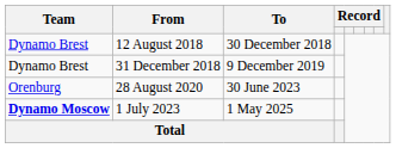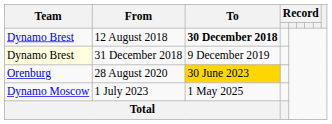 <table class="wikitable" style="text-align: center;">
 <tr>
 <th rowspan="2">Team</th>
 <th rowspan="2">From</th>
 <th rowspan="2">To</th>
 <th colspan="5">Record</th>
 <th rowspan="2"></th>
 </tr>
 <tr>
 <th></th>
 <th></th>
 <th></th>
 <th></th>
 <th></th>
 </tr>
 <tr>
 <td align="left"><a href='#'>Dynamo Brest</a></td>
 <td align="left">12 August 2018</td>
-<td align="left">30 December 2018<br></td>
+<td align="left"><strong>30 December 2018<br></strong></td>
 <td></td>
 </tr>
 <tr>
-<td align="left">Dynamo Brest</td>
+<td align="left" style="background: lightyellow;">Dynamo Brest</td>
 <td align="left">31 December 2018</td>
 <td align="left">9 December 2019<br></td>
 <td></td>
 </tr>
 <tr>
 <td align="left"><a href='#'>Orenburg</a></td>
 <td align="left">28 August 2020</td>
-<td align="left">30 June 2023<br></td>
+<td align="left" style="background: gold;">30 June 2023<br></td>
 <td></td>
 </tr>
 <tr>
-<td align=left><strong><a href='#'>Dynamo Moscow</a></strong></td>
+<td align=left><a href='#'>Dynamo Moscow</a></td>
 <td align=left>1 July 2023</td>
 <td align=left>1 May 2025<br></td>
 <td></td>
 </tr>
 <tr>
 <th colspan="3">Total<br></th>
 <th></th>
 </tr>
 </table>
